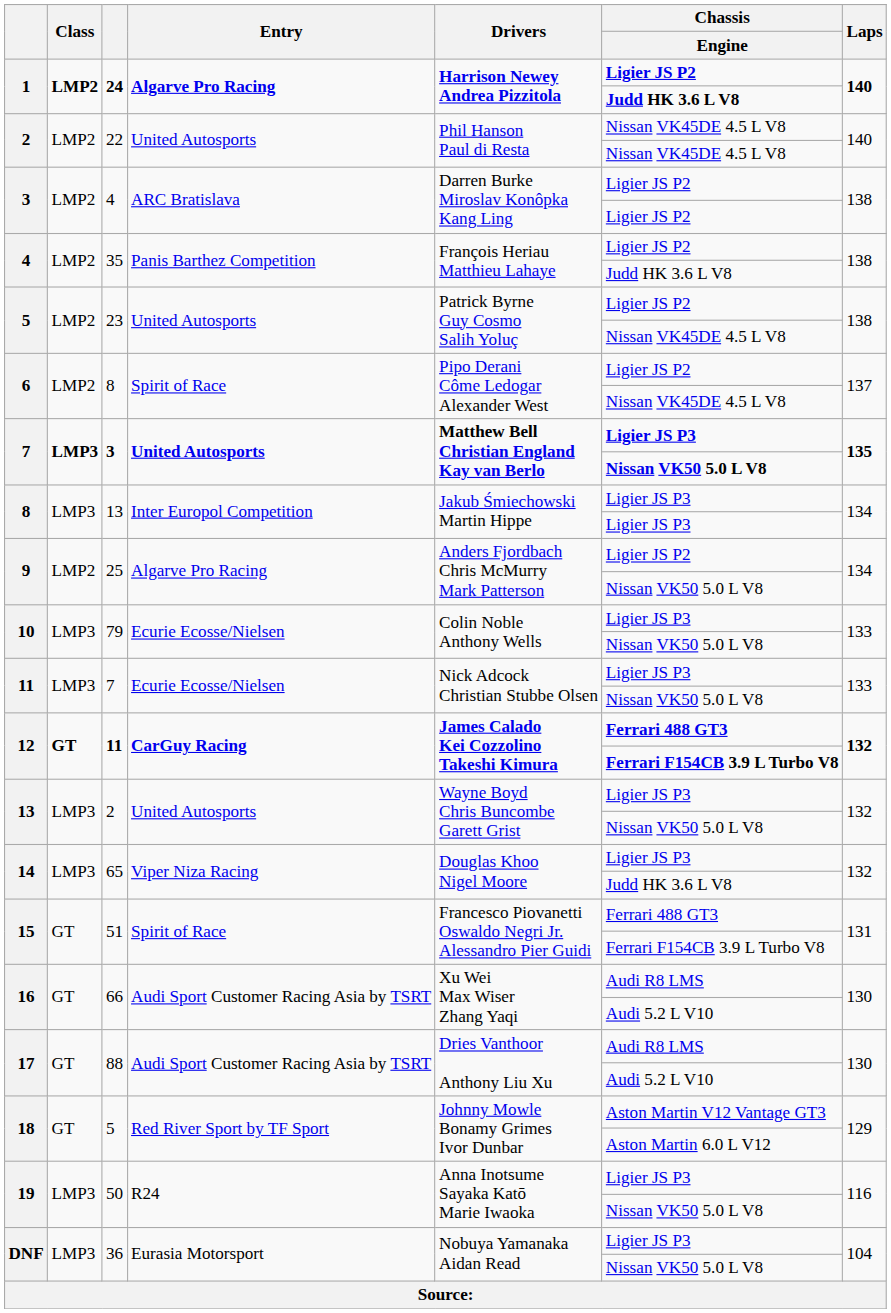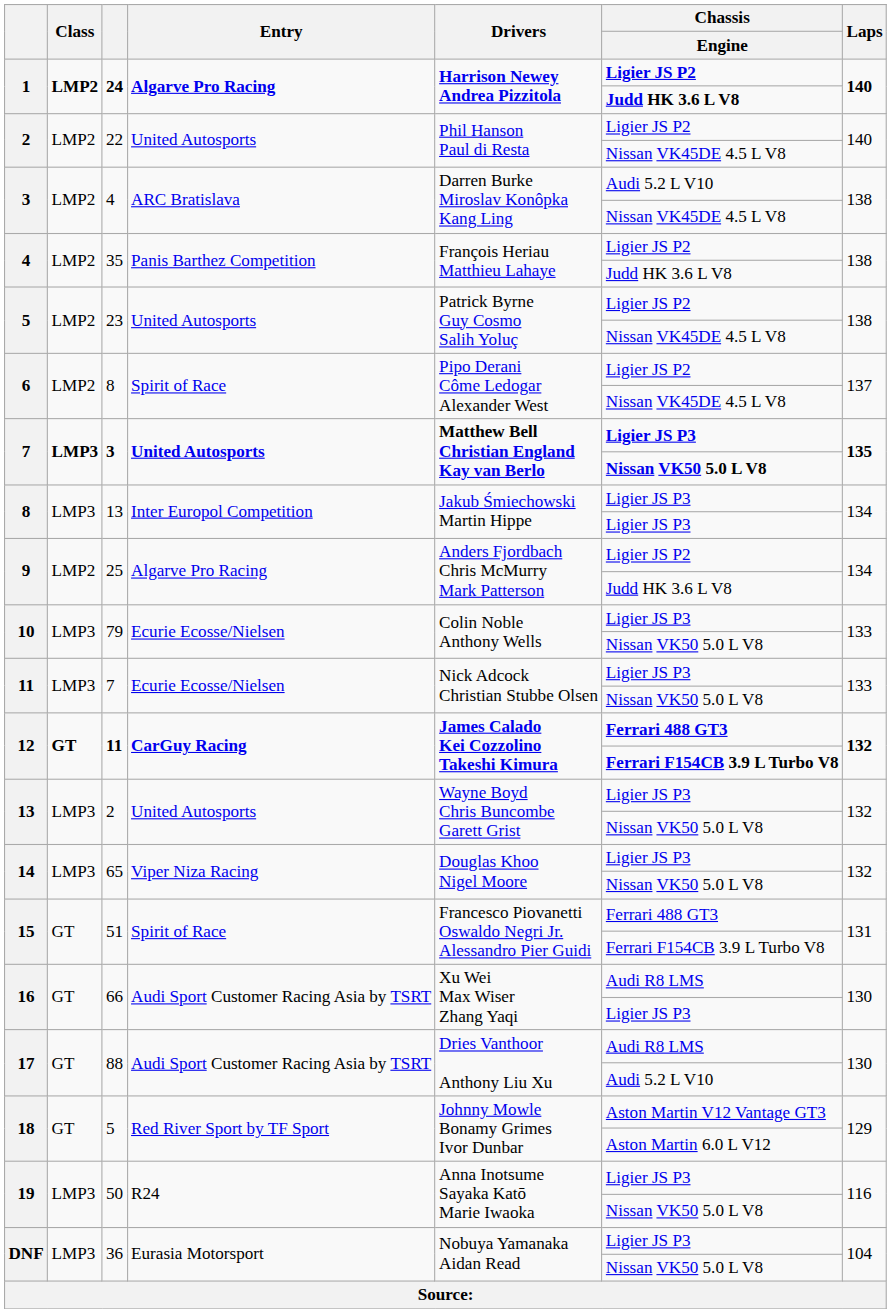 <table class="wikitable">
 <tr>
 <th rowspan="2"></th>
 <th rowspan="2">Class</th>
 <th rowspan="2"></th>
 <th rowspan="2">Entry</th>
 <th rowspan="2">Drivers</th>
 <th>Chassis</th>
 <th rowspan="2">Laps</th>
 </tr>
 <tr>
 <th>Engine</th>
 </tr>
 <tr>
 <th rowspan="2">1</th>
 <td rowspan="2"><strong>LMP2</strong></td>
 <td rowspan="2"><strong>24</strong></td>
 <td rowspan="2"><strong> <a href='#'>Algarve Pro Racing</a></strong></td>
 <td rowspan="2"><strong> <a href='#'>Harrison Newey</a><br> <a href='#'>Andrea Pizzitola</a></strong></td>
 <td><strong><a href='#'>Ligier JS P2</a></strong></td>
 <td rowspan="2"><strong>140</strong></td>
 </tr>
 <tr>
 <td><strong><a href='#'>Judd</a> HK 3.6 L V8</strong></td>
 </tr>
 <tr>
 <th rowspan="2">2</th>
 <td rowspan="2">LMP2</td>
 <td rowspan="2">22</td>
 <td rowspan="2"> <a href='#'>United Autosports</a></td>
 <td rowspan="2"> <a href='#'>Phil Hanson</a><br> <a href='#'>Paul di Resta</a></td>
-<td><a href='#'>Nissan</a> <a href='#'>VK45DE</a> 4.5 L V8</td>
+<td><a href='#'>Ligier JS P2</a></td>
 <td rowspan="2">140</td>
 </tr>
 <tr>
 <td><a href='#'>Nissan</a> <a href='#'>VK45DE</a> 4.5 L V8</td>
 </tr>
 <tr>
 <th rowspan="2">3</th>
 <td rowspan="2">LMP2</td>
 <td rowspan="2">4</td>
 <td rowspan="2"> <a href='#'>ARC Bratislava</a></td>
 <td rowspan="2"> Darren Burke<br> <a href='#'>Miroslav Konôpka</a><br> <a href='#'>Kang Ling</a></td>
-<td><a href='#'>Ligier JS P2</a></td>
+<td><a href='#'>Audi</a> 5.2 L V10</td>
 <td rowspan="2">138</td>
 </tr>
 <tr>
-<td><a href='#'>Ligier JS P2</a></td>
+<td><a href='#'>Nissan</a> <a href='#'>VK45DE</a> 4.5 L V8</td>
 </tr>
 <tr>
 <th rowspan="2">4</th>
 <td rowspan="2">LMP2</td>
 <td rowspan="2">35</td>
 <td rowspan="2"> <a href='#'>Panis Barthez Competition</a></td>
 <td rowspan="2"> François Heriau<br> <a href='#'>Matthieu Lahaye</a></td>
 <td><a href='#'>Ligier JS P2</a></td>
 <td rowspan="2">138</td>
 </tr>
 <tr>
 <td><a href='#'>Judd</a> HK 3.6 L V8</td>
 </tr>
 <tr>
 <th rowspan="2">5</th>
 <td rowspan="2">LMP2</td>
 <td rowspan="2">23</td>
 <td rowspan="2"> <a href='#'>United Autosports</a></td>
 <td rowspan="2"> Patrick Byrne<br> <a href='#'>Guy Cosmo</a><br> <a href='#'>Salih Yoluç</a></td>
 <td><a href='#'>Ligier JS P2</a></td>
 <td rowspan="2">138</td>
 </tr>
 <tr>
 <td><a href='#'>Nissan</a> <a href='#'>VK45DE</a> 4.5 L V8</td>
 </tr>
 <tr>
 <th rowspan="2">6</th>
 <td rowspan="2">LMP2</td>
 <td rowspan="2">8</td>
 <td rowspan="2"> <a href='#'>Spirit of Race</a></td>
 <td rowspan="2"> <a href='#'>Pipo Derani</a><br> <a href='#'>Côme Ledogar</a><br> Alexander West</td>
 <td><a href='#'>Ligier JS P2</a></td>
 <td rowspan="2">137</td>
 </tr>
 <tr>
 <td><a href='#'>Nissan</a> <a href='#'>VK45DE</a> 4.5 L V8</td>
 </tr>
 <tr>
 <th rowspan="2">7</th>
 <td rowspan="2"><strong>LMP3</strong></td>
 <td rowspan="2"><strong>3</strong></td>
 <td rowspan="2"><strong> <a href='#'>United Autosports</a></strong></td>
 <td rowspan="2"><strong> Matthew Bell<br> <a href='#'>Christian England</a><br> <a href='#'>Kay van Berlo</a></strong></td>
 <td><strong><a href='#'>Ligier JS P3</a></strong></td>
 <td rowspan="2"><strong>135</strong></td>
 </tr>
 <tr>
 <td><strong><a href='#'>Nissan</a> <a href='#'>VK50</a> 5.0 L V8</strong></td>
 </tr>
 <tr>
 <th rowspan="2">8</th>
 <td rowspan="2">LMP3</td>
 <td rowspan="2">13</td>
 <td rowspan="2"> <a href='#'>Inter Europol Competition</a></td>
 <td rowspan="2"> <a href='#'>Jakub Śmiechowski</a><br> Martin Hippe</td>
 <td><a href='#'>Ligier JS P3</a></td>
 <td rowspan="2">134</td>
 </tr>
 <tr>
 <td><a href='#'>Ligier JS P3</a></td>
 </tr>
 <tr>
 <th rowspan="2">9</th>
 <td rowspan="2">LMP2</td>
 <td rowspan="2">25</td>
 <td rowspan="2"> <a href='#'>Algarve Pro Racing</a></td>
 <td rowspan="2"> <a href='#'>Anders Fjordbach</a><br> Chris McMurry<br> <a href='#'>Mark Patterson</a></td>
 <td><a href='#'>Ligier JS P2</a></td>
 <td rowspan="2">134</td>
 </tr>
 <tr>
-<td><a href='#'>Nissan</a> <a href='#'>VK50</a> 5.0 L V8</td>
+<td><a href='#'>Judd</a> HK 3.6 L V8</td>
 </tr>
 <tr>
 <th rowspan="2">10</th>
 <td rowspan="2">LMP3</td>
 <td rowspan="2">79</td>
 <td rowspan="2"> <a href='#'>Ecurie Ecosse/Nielsen</a></td>
 <td rowspan="2"> Colin Noble<br> Anthony Wells</td>
 <td><a href='#'>Ligier JS P3</a></td>
 <td rowspan="2">133</td>
 </tr>
 <tr>
 <td><a href='#'>Nissan</a> <a href='#'>VK50</a> 5.0 L V8</td>
 </tr>
 <tr>
 <th rowspan="2">11</th>
 <td rowspan="2">LMP3</td>
 <td rowspan="2">7</td>
 <td rowspan="2"> <a href='#'>Ecurie Ecosse/Nielsen</a></td>
 <td rowspan="2"> Nick Adcock<br> Christian Stubbe Olsen</td>
 <td><a href='#'>Ligier JS P3</a></td>
 <td rowspan="2">133</td>
 </tr>
 <tr>
 <td><a href='#'>Nissan</a> <a href='#'>VK50</a> 5.0 L V8</td>
 </tr>
 <tr>
 <th rowspan="2">12</th>
 <td rowspan="2"><strong>GT</strong></td>
 <td rowspan="2"><strong>11</strong></td>
 <td rowspan="2"><strong> <a href='#'>CarGuy Racing</a></strong></td>
 <td rowspan="2"><strong> <a href='#'>James Calado</a><br> <a href='#'>Kei Cozzolino</a><br> <a href='#'>Takeshi Kimura</a></strong></td>
 <td><a href='#'><strong>Ferrari 488 GT3</strong></a></td>
 <td rowspan="2"><strong>132</strong></td>
 </tr>
 <tr>
 <td><strong><a href='#'>Ferrari F154CB</a> 3.9 L Turbo V8</strong></td>
 </tr>
 <tr>
 <th rowspan="2">13</th>
 <td rowspan="2">LMP3</td>
 <td rowspan="2">2</td>
 <td rowspan="2"> <a href='#'>United Autosports</a></td>
 <td rowspan="2"> <a href='#'>Wayne Boyd</a><br> <a href='#'>Chris Buncombe</a><br> <a href='#'>Garett Grist</a></td>
 <td><a href='#'>Ligier JS P3</a></td>
 <td rowspan="2">132</td>
 </tr>
 <tr>
 <td><a href='#'>Nissan</a> <a href='#'>VK50</a> 5.0 L V8</td>
 </tr>
 <tr>
 <th rowspan="2">14</th>
 <td rowspan="2">LMP3</td>
 <td rowspan="2">65</td>
 <td rowspan="2"> <a href='#'>Viper Niza Racing</a></td>
 <td rowspan="2"> <a href='#'>Douglas Khoo</a><br> <a href='#'>Nigel Moore</a></td>
 <td><a href='#'>Ligier JS P3</a></td>
 <td rowspan="2">132</td>
 </tr>
 <tr>
-<td><a href='#'>Judd</a> HK 3.6 L V8</td>
+<td><a href='#'>Nissan</a> <a href='#'>VK50</a> 5.0 L V8</td>
 </tr>
 <tr>
 <th rowspan="2">15</th>
 <td rowspan="2">GT</td>
 <td rowspan="2">51</td>
 <td rowspan="2"> <a href='#'>Spirit of Race</a></td>
 <td rowspan="2"> Francesco Piovanetti<br> <a href='#'>Oswaldo Negri Jr.</a><br> <a href='#'>Alessandro Pier Guidi</a></td>
 <td><a href='#'>Ferrari 488 GT3</a></td>
 <td rowspan="2">131</td>
 </tr>
 <tr>
 <td><a href='#'>Ferrari F154CB</a> 3.9 L Turbo V8</td>
 </tr>
 <tr>
 <th rowspan="2">16</th>
 <td rowspan="2">GT</td>
 <td rowspan="2">66</td>
 <td rowspan="2"> <a href='#'>Audi Sport</a> Customer Racing Asia by <a href='#'>TSRT</a></td>
 <td rowspan="2"> Xu Wei<br> Max Wiser<br> Zhang Yaqi</td>
 <td><a href='#'>Audi R8 LMS</a></td>
 <td rowspan="2">130</td>
 </tr>
 <tr>
-<td><a href='#'>Audi</a> 5.2 L V10</td>
+<td><a href='#'>Ligier JS P3</a></td>
 </tr>
 <tr>
 <th rowspan="2">17</th>
 <td rowspan="2">GT</td>
 <td rowspan="2">88</td>
 <td rowspan="2"> <a href='#'>Audi Sport</a> Customer Racing Asia by <a href='#'>TSRT</a></td>
 <td rowspan="2"> <a href='#'>Dries Vanthoor</a><br> <br> Anthony Liu Xu</td>
 <td><a href='#'>Audi R8 LMS</a></td>
 <td rowspan="2">130</td>
 </tr>
 <tr>
 <td><a href='#'>Audi</a> 5.2 L V10</td>
 </tr>
 <tr>
 <th rowspan="2">18</th>
 <td rowspan="2">GT</td>
 <td rowspan="2">5</td>
 <td rowspan="2"> <a href='#'>Red River Sport by TF Sport</a></td>
 <td rowspan="2"> <a href='#'>Johnny Mowle</a><br> Bonamy Grimes<br> Ivor Dunbar</td>
 <td><a href='#'>Aston Martin V12 Vantage GT3</a></td>
 <td rowspan="2">129</td>
 </tr>
 <tr>
 <td><a href='#'>Aston Martin</a> 6.0 L V12</td>
 </tr>
 <tr>
 <th rowspan="2">19</th>
 <td rowspan="2">LMP3</td>
 <td rowspan="2">50</td>
 <td rowspan="2"> R24</td>
 <td rowspan="2"> Anna Inotsume<br> Sayaka Katō<br> Marie Iwaoka</td>
 <td><a href='#'>Ligier JS P3</a></td>
 <td rowspan="2">116</td>
 </tr>
 <tr>
 <td><a href='#'>Nissan</a> <a href='#'>VK50</a> 5.0 L V8</td>
 </tr>
 <tr>
 <th rowspan="2">DNF</th>
 <td rowspan="2">LMP3</td>
 <td rowspan="2">36</td>
 <td rowspan="2"> Eurasia Motorsport</td>
 <td rowspan="2"> Nobuya Yamanaka<br> Aidan Read</td>
 <td><a href='#'>Ligier JS P3</a></td>
 <td rowspan="2">104</td>
 </tr>
 <tr>
 <td><a href='#'>Nissan</a> <a href='#'>VK50</a> 5.0 L V8</td>
 </tr>
 <tr>
 <th colspan="7">Source:</th>
 </tr>
 </table>
